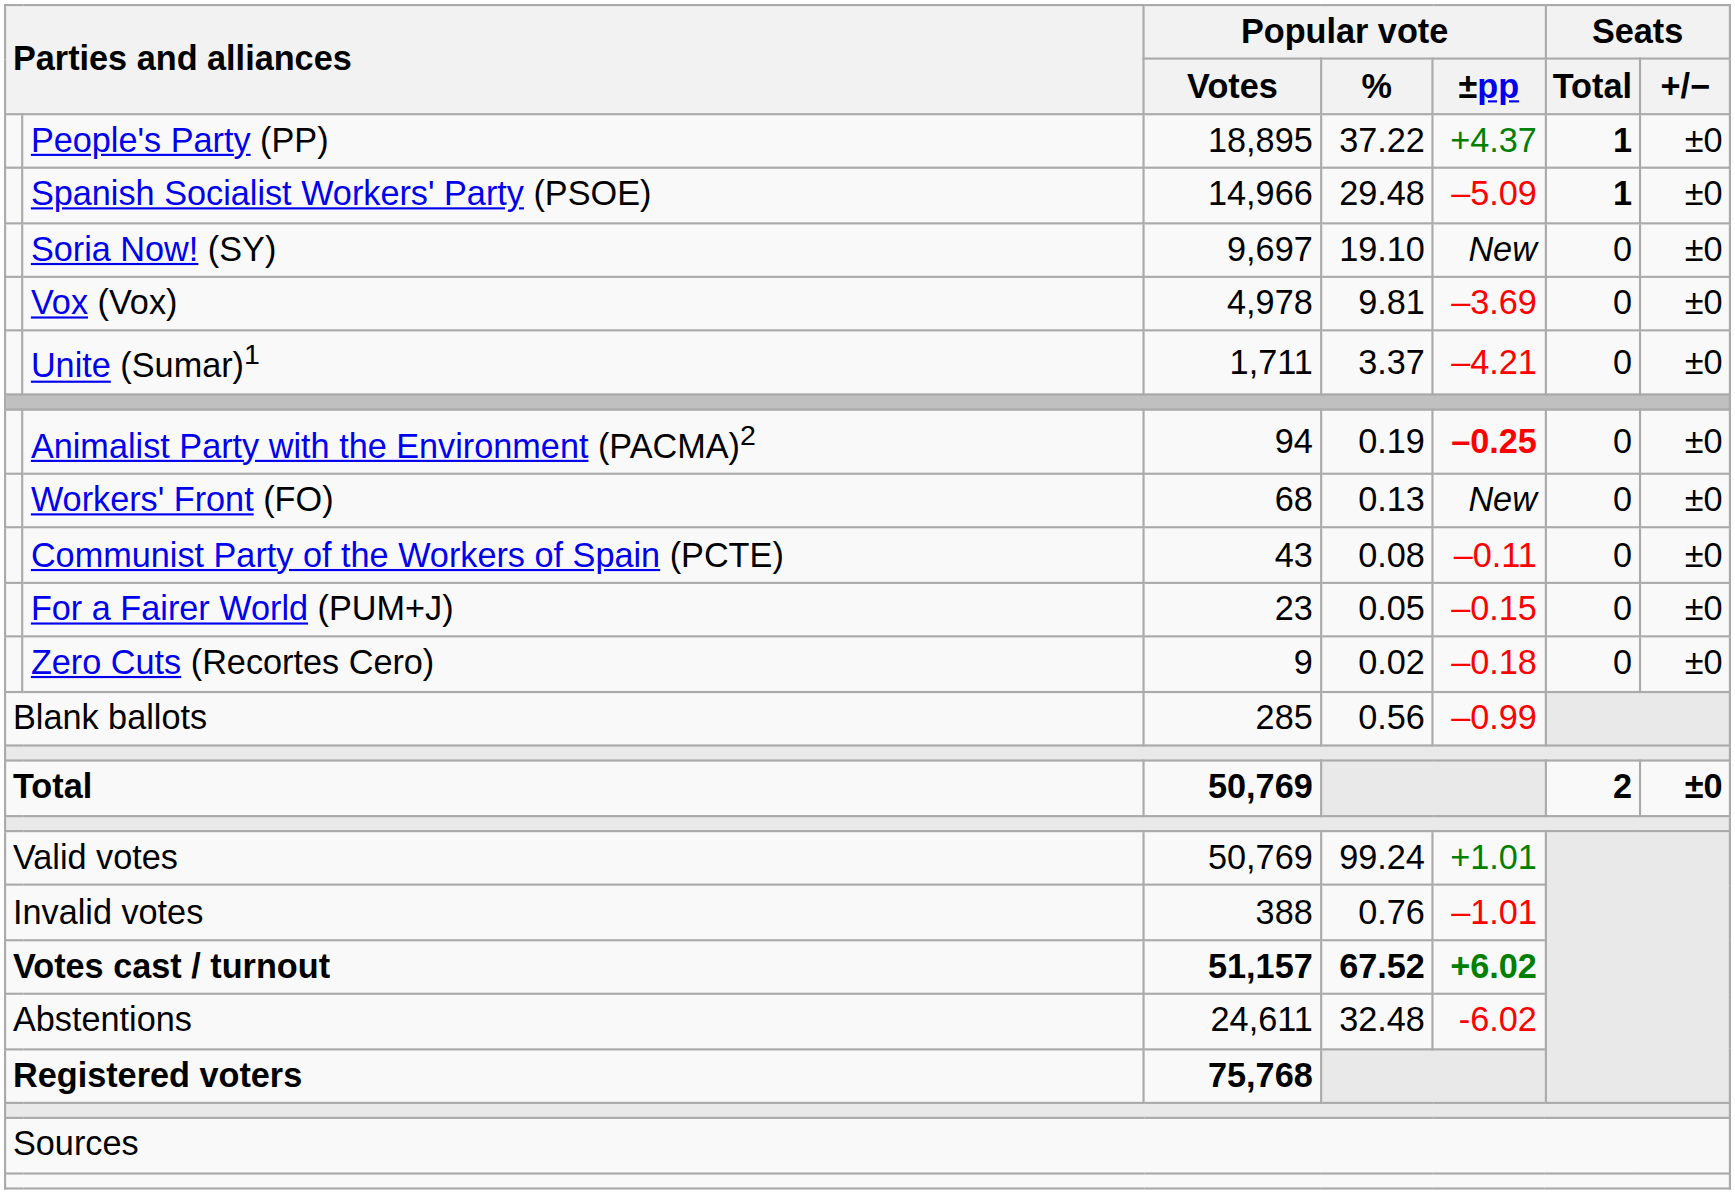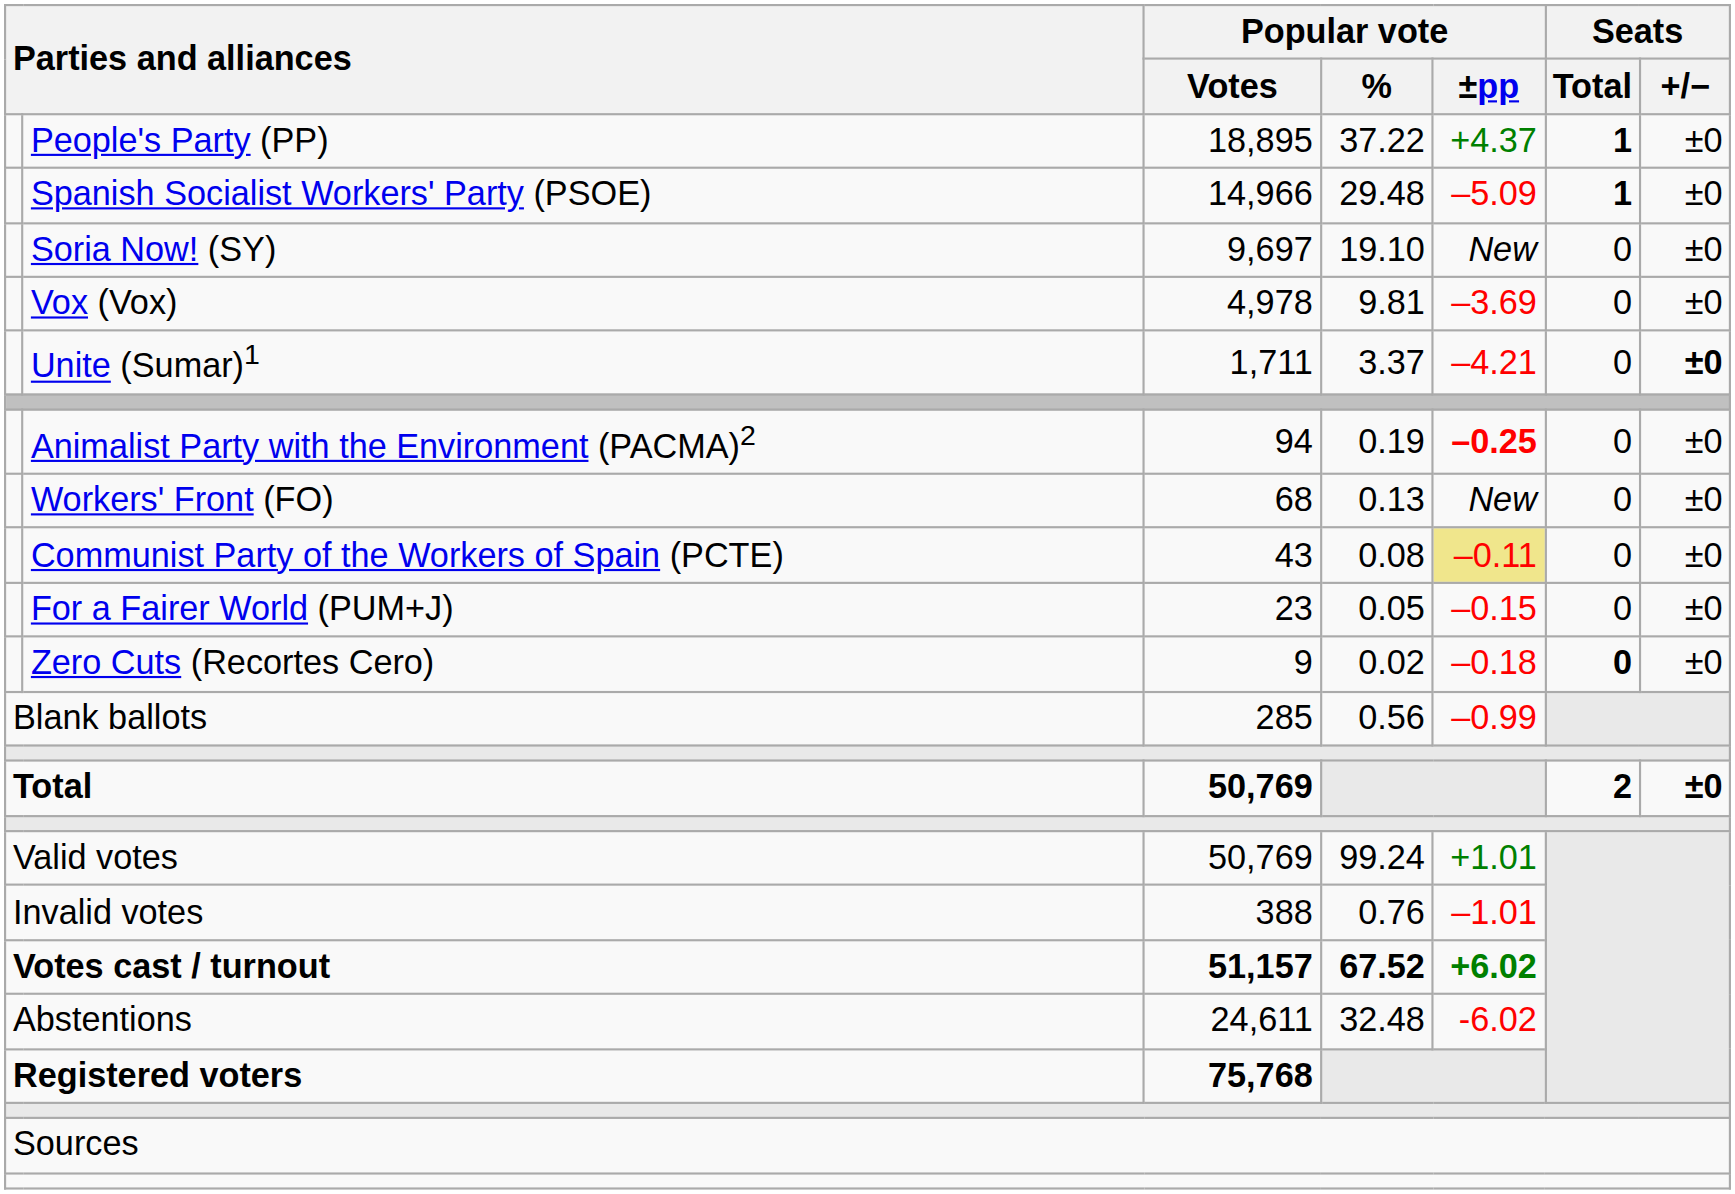 <table class="wikitable" style="text-align:right;">
 <tr>
 <th style="text-align:left;" rowspan="2" colspan="2" width="525">Parties and alliances</th>
 <th colspan="3">Popular vote</th>
 <th colspan="2">Seats</th>
 </tr>
 <tr>
 <th width="75">Votes</th>
 <th width="45">%</th>
 <th width="45">±<a href='#'>pp</a></th>
 <th width="35">Total</th>
 <th width="35">+/−</th>
 </tr>
 <tr>
 <td width="1" style="color:inherit;background:"></td>
 <td align="left"><a href='#'>People's Party</a> (PP)</td>
 <td>18,895</td>
 <td>37.22</td>
 <td style="color:green;">+4.37</td>
 <td><strong>1</strong></td>
 <td>±0</td>
 </tr>
 <tr>
 <td style="color:inherit;background:"></td>
 <td align="left"><a href='#'>Spanish Socialist Workers' Party</a> (PSOE)</td>
 <td>14,966</td>
 <td>29.48</td>
 <td style="color:red;">–5.09</td>
 <td><strong>1</strong></td>
 <td>±0</td>
 </tr>
 <tr>
 <td style="color:inherit;background:"></td>
 <td align="left"><a href='#'>Soria Now!</a> (SY)</td>
 <td>9,697</td>
 <td>19.10</td>
 <td><em>New</em></td>
 <td>0</td>
 <td>±0</td>
 </tr>
 <tr>
 <td style="color:inherit;background:"></td>
 <td align="left"><a href='#'>Vox</a> (Vox)</td>
 <td>4,978</td>
 <td>9.81</td>
 <td style="color:red;">–3.69</td>
 <td>0</td>
 <td>±0</td>
 </tr>
 <tr>
 <td style="color:inherit;background:"></td>
 <td align="left"><a href='#'>Unite</a> (Sumar)<sup>1</sup></td>
 <td>1,711</td>
 <td>3.37</td>
 <td style="color:red;">–4.21</td>
 <td>0</td>
-<td>±0</td>
+<td><strong>±0</strong></td>
 </tr>
 <tr>
 <td colspan="7" bgcolor="#C0C0C0"></td>
 </tr>
 <tr>
 <td style="color:inherit;background:"></td>
 <td align="left"><a href='#'>Animalist Party with the Environment</a> (PACMA)<sup>2</sup></td>
 <td>94</td>
 <td>0.19</td>
 <td style="color:red;"><strong>–0.25</strong></td>
 <td>0</td>
 <td>±0</td>
 </tr>
 <tr>
 <td style="color:inherit;background:"></td>
 <td align="left"><a href='#'>Workers' Front</a> (FO)</td>
 <td>68</td>
 <td>0.13</td>
 <td><em>New</em></td>
 <td>0</td>
 <td>±0</td>
 </tr>
 <tr>
 <td style="color:inherit;background:"></td>
 <td align="left"><a href='#'>Communist Party of the Workers of Spain</a> (PCTE)</td>
 <td>43</td>
 <td>0.08</td>
-<td style="color:red;">–0.11</td>
+<td style="background: khaki; color:red;">–0.11</td>
 <td>0</td>
 <td>±0</td>
 </tr>
 <tr>
 <td style="color:inherit;background:"></td>
 <td align="left"><a href='#'>For a Fairer World</a> (PUM+J)</td>
 <td>23</td>
 <td>0.05</td>
 <td style="color:red;">–0.15</td>
 <td>0</td>
 <td>±0</td>
 </tr>
 <tr>
 <td style="color:inherit;background:"></td>
 <td align="left"><a href='#'>Zero Cuts</a> (Recortes Cero)</td>
 <td>9</td>
 <td>0.02</td>
 <td style="color:red;">–0.18</td>
-<td>0</td>
+<td><strong>0</strong></td>
 <td>±0</td>
 </tr>
 <tr>
 <td align="left" colspan="2">Blank ballots</td>
 <td>285</td>
 <td>0.56</td>
 <td style="color:red;">–0.99</td>
 <td bgcolor="#E9E9E9" colspan="2"></td>
 </tr>
 <tr>
 <td colspan="7" bgcolor="#E9E9E9"></td>
 </tr>
 <tr style="font-weight:bold;">
 <td align="left" colspan="2">Total</td>
 <td>50,769</td>
 <td bgcolor="#E9E9E9" colspan="2"></td>
 <td>2</td>
 <td>±0</td>
 </tr>
 <tr>
 <td colspan="7" bgcolor="#E9E9E9"></td>
 </tr>
 <tr>
 <td align="left" colspan="2">Valid votes</td>
 <td>50,769</td>
 <td>99.24</td>
 <td style="color:green;">+1.01</td>
 <td bgcolor="#E9E9E9" colspan="2" rowspan="5"></td>
 </tr>
 <tr>
 <td align="left" colspan="2">Invalid votes</td>
 <td>388</td>
 <td>0.76</td>
 <td style="color:red;">–1.01</td>
 </tr>
 <tr style="font-weight:bold;">
 <td align="left" colspan="2">Votes cast / turnout</td>
 <td>51,157</td>
 <td>67.52</td>
 <td style="color:green;">+6.02</td>
 </tr>
 <tr>
 <td align="left" colspan="2">Abstentions</td>
 <td>24,611</td>
 <td>32.48</td>
 <td style="color:red;">-6.02</td>
 </tr>
 <tr style="font-weight:bold;">
 <td align="left" colspan="2">Registered voters</td>
 <td>75,768</td>
 <td bgcolor="#E9E9E9" colspan="2"></td>
 </tr>
 <tr>
 <td colspan="7" bgcolor="#E9E9E9"></td>
 </tr>
 <tr>
 <td align="left" colspan="7">Sources</td>
 </tr>
 <tr>
 <td colspan="7" style="text-align:left; max-width:790px;"></td>
 </tr>
 </table>
